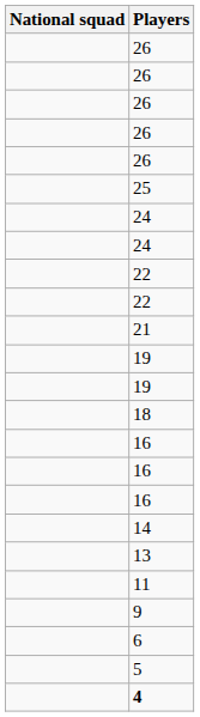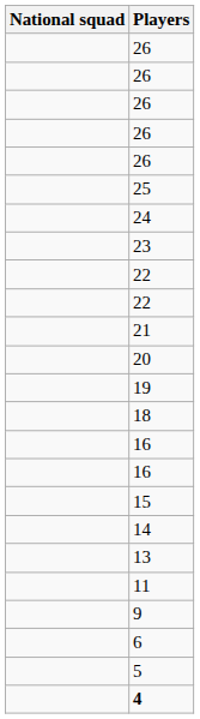 <table class="wikitable sortable">
 <tr>
 <th>National squad</th>
 <th>Players</th>
 </tr>
 <tr>
 <td></td>
 <td>26</td>
 </tr>
 <tr>
 <td></td>
 <td>26</td>
 </tr>
 <tr>
 <td></td>
 <td>26</td>
 </tr>
 <tr>
 <td></td>
 <td>26</td>
 </tr>
 <tr>
 <td></td>
 <td>26</td>
 </tr>
 <tr>
 <td></td>
 <td>25</td>
 </tr>
 <tr>
 <td></td>
 <td>24</td>
 </tr>
 <tr>
 <td></td>
-<td>24</td>
+<td>23</td>
 </tr>
 <tr>
 <td></td>
 <td>22</td>
 </tr>
 <tr>
 <td></td>
 <td>22</td>
 </tr>
 <tr>
 <td></td>
 <td>21</td>
 </tr>
 <tr>
 <td></td>
-<td>19</td>
+<td>20</td>
 </tr>
 <tr>
 <td></td>
 <td>19</td>
 </tr>
 <tr>
 <td></td>
 <td>18</td>
 </tr>
 <tr>
 <td></td>
 <td>16</td>
 </tr>
 <tr>
 <td></td>
 <td>16</td>
 </tr>
 <tr>
 <td></td>
-<td>16</td>
+<td>15</td>
 </tr>
 <tr>
 <td></td>
 <td>14</td>
 </tr>
 <tr>
 <td></td>
 <td>13</td>
 </tr>
 <tr>
 <td></td>
 <td>11</td>
 </tr>
 <tr>
 <td></td>
 <td>9</td>
 </tr>
 <tr>
 <td></td>
 <td>6</td>
 </tr>
 <tr>
 <td></td>
 <td>5</td>
 </tr>
 <tr>
 <td></td>
 <td><strong>4</strong></td>
 </tr>
 </table>
